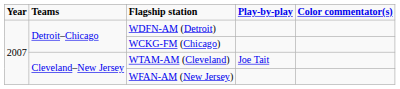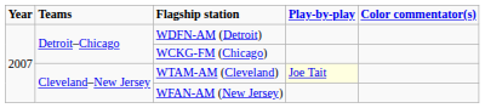 <table class="wikitable">
 <tr>
 <td><strong>Year</strong></td>
 <td><strong>Teams</strong></td>
 <td><strong>Flagship station</strong></td>
 <td><strong><a href='#'>Play-by-play</a></strong></td>
 <td><strong><a href='#'>Color commentator(s)</a></strong></td>
 </tr>
 <tr>
 <td rowspan=4>2007</td>
 <td rowspan=2><a href='#'>Detroit</a>–<a href='#'>Chicago</a></td>
 <td><a href='#'>WDFN-AM</a> (<a href='#'>Detroit</a>)</td>
 <td></td>
 <td></td>
 </tr>
 <tr>
 <td><a href='#'>WCKG-FM</a> (<a href='#'>Chicago</a>)</td>
 <td></td>
 <td></td>
 </tr>
 <tr>
 <td rowspan=2><a href='#'>Cleveland</a>–<a href='#'>New Jersey</a></td>
 <td><a href='#'>WTAM-AM</a> (<a href='#'>Cleveland</a>)</td>
-<td><a href='#'>Joe Tait</a></td>
+<td style="background: lightyellow;"><a href='#'>Joe Tait</a></td>
 <td></td>
 </tr>
 <tr>
 <td><a href='#'>WFAN-AM</a> (<a href='#'>New Jersey</a>)</td>
 <td></td>
 <td></td>
 </tr>
 </table>
